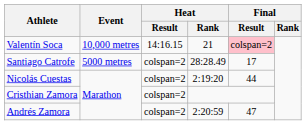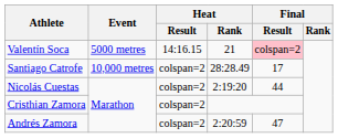 <table class="wikitable" style="font-size:90%">
 <tr>
 <th rowspan="2">Athlete</th>
 <th rowspan="2">Event</th>
 <th colspan="2">Heat</th>
 <th colspan="2">Final</th>
 </tr>
 <tr style="font-size:95%">
 <th>Result</th>
 <th>Rank</th>
 <th>Result</th>
 <th>Rank</th>
 </tr>
 <tr align=center>
 <td align=left><a href='#'>Valentín Soca</a></td>
-<td align=left><a href='#'>10,000 metres</a></td>
+<td align=left><a href='#'>5000 metres</a></td>
 <td>14:16.15</td>
 <td>21</td>
 <td style="background: pink;">colspan=2 </td>
 </tr>
 <tr align=center>
 <td align=left><a href='#'>Santiago Catrofe</a></td>
-<td align=left><a href='#'>5000 metres</a></td>
+<td align=left><a href='#'>10,000 metres</a></td>
 <td>colspan=2</td>
 <td>28:28.49 </td>
 <td>17</td>
 </tr>
 <tr align=center>
 <td align=left><a href='#'>Nicolás Cuestas</a></td>
 <td align=left rowspan=3><a href='#'>Marathon</a></td>
 <td>colspan=2</td>
 <td>2:19:20</td>
 <td>44</td>
 </tr>
 <tr align=center>
 <td align=left><a href='#'>Cristhian Zamora</a></td>
 <td>colspan=2</td>
 <td colspan=2></td>
 </tr>
 <tr align=center>
 <td align=left><a href='#'>Andrés Zamora</a></td>
 <td>colspan=2</td>
 <td>2:20:59</td>
 <td>47</td>
 </tr>
 </table>
